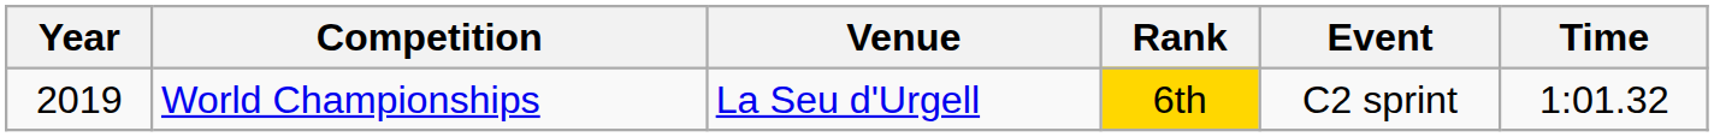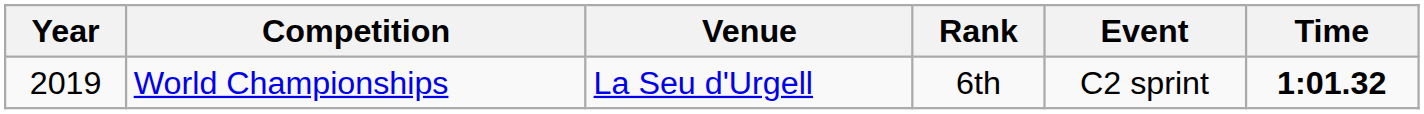 <table class="wikitable" width=50% style="font-size:90%; text-align:center;">
 <tr>
 <th>Year</th>
 <th>Competition</th>
 <th>Venue</th>
 <th>Rank</th>
 <th>Event</th>
 <th>Time</th>
 </tr>
 <tr>
 <td rowspan=2>2019</td>
 <td rowspan=2 align=left><a href='#'>World Championships</a></td>
 <td rowspan=2 align=left> <a href='#'>La Seu d'Urgell</a></td>
-<td style="background: gold;">6th</td>
+<td>6th</td>
 <td>C2 sprint</td>
-<td>1:01.32</td>
+<td><strong>1:01.32</strong></td>
 </tr>
 </table>
